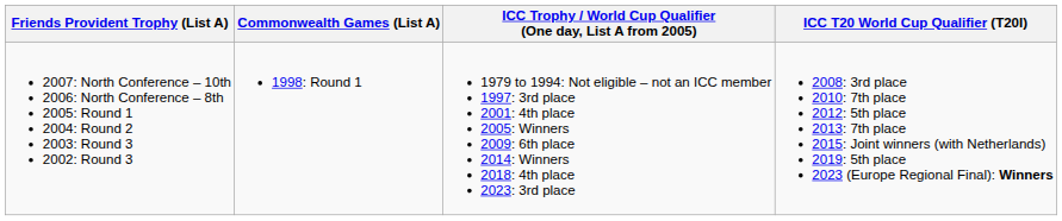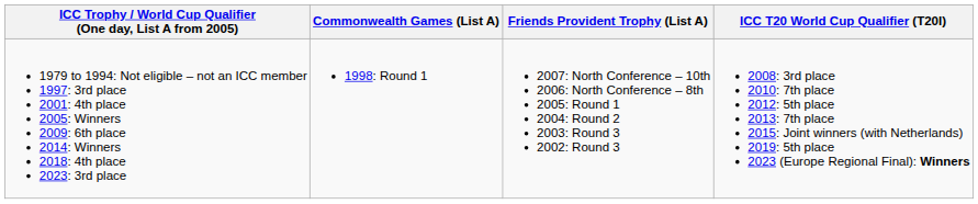 <table class="wikitable">
 <tr style="background:#ccc;">
+<th><a href='#'>ICC Trophy / World Cup Qualifier</a><br>(One day, List A from 2005)</th>
+<th><a href='#'>Commonwealth Games</a> (List A)</th>
 <th><a href='#'>Friends Provident Trophy</a> (List A)</th>
-<th><a href='#'>Commonwealth Games</a> (List A)</th>
-<th><a href='#'>ICC Trophy / World Cup Qualifier</a><br>(One day, List A from 2005)</th>
 <th><a href='#'>ICC T20 World Cup Qualifier</a> (T20I)</th>
 </tr>
 <tr>
+<td style="vertical-align:top;"><br><ul><li>1979 to 1994: Not eligible – not an ICC member</li><li><a href='#'>1997</a>: 3rd place</li><li><a href='#'>2001</a>: 4th place</li><li><a href='#'>2005</a>: Winners</li><li><a href='#'>2009</a>: 6th place</li><li><a href='#'>2014</a>: Winners</li><li><a href='#'>2018</a>: 4th place</li><li><a href='#'>2023</a>: 3rd place</li></ul></td>
+<td style="vertical-align:top;"><br><ul><li><a href='#'>1998</a>: Round 1</li></ul></td>
 <td style="vertical-align:top;"><br><ul><li>2007: North Conference – 10th</li><li>2006: North Conference – 8th</li><li>2005: Round 1</li><li>2004: Round 2</li><li>2003: Round 3</li><li>2002: Round 3</li></ul></td>
-<td style="vertical-align:top;"><br><ul><li><a href='#'>1998</a>: Round 1</li></ul></td>
-<td style="vertical-align:top;"><br><ul><li>1979 to 1994: Not eligible – not an ICC member</li><li><a href='#'>1997</a>: 3rd place</li><li><a href='#'>2001</a>: 4th place</li><li><a href='#'>2005</a>: Winners</li><li><a href='#'>2009</a>: 6th place</li><li><a href='#'>2014</a>: Winners</li><li><a href='#'>2018</a>: 4th place</li><li><a href='#'>2023</a>: 3rd place</li></ul></td>
 <td style="vertical-align:top;"><br><ul><li><a href='#'>2008</a>: 3rd place</li><li><a href='#'>2010</a>: 7th place</li><li><a href='#'>2012</a>: 5th place</li><li><a href='#'>2013</a>: 7th place</li><li><a href='#'>2015</a>: Joint winners (with Netherlands)</li><li><a href='#'>2019</a>: 5th place</li><li><a href='#'>2023</a> (Europe Regional Final): <strong>Winners</strong></li></ul></td>
 </tr>
 </table>
